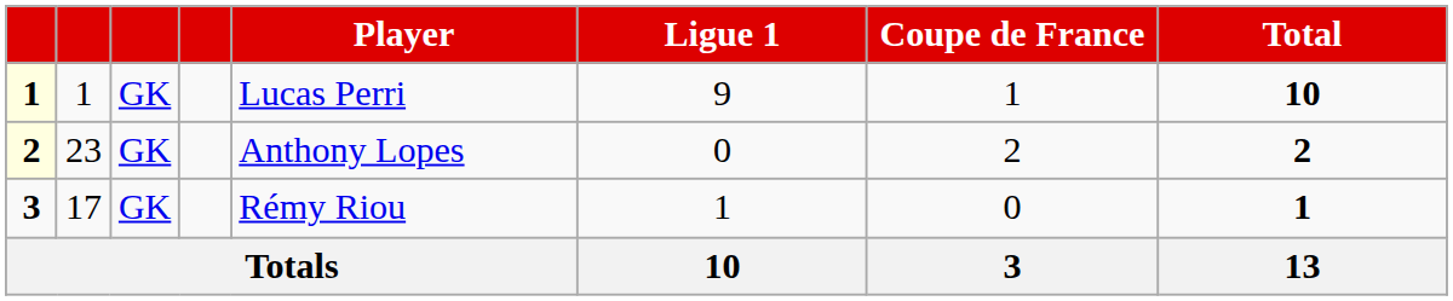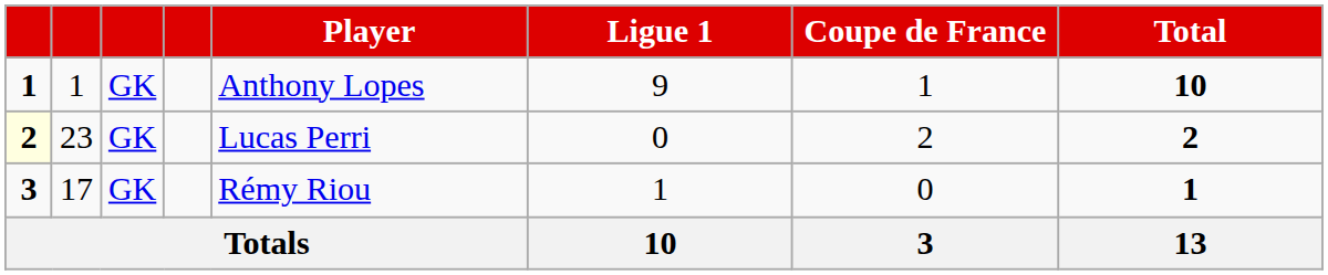 <table class="wikitable"; style="text-align:center">
 <tr>
 <th style="background:#DD0000; color:white; width:15px"></th>
 <th style="background:#DD0000; color:white; width:15px"></th>
 <th style="background:#DD0000; color:white; width:15px"></th>
 <th style="background:#DD0000; color:white; width:15px"></th>
 <th style="background:#DD0000; color:white; width:145px">Player</th>
 <th style="background:#DD0000; color:white; width:120px">Ligue 1</th>
 <th style="background:#DD0000; color:white; width:120px">Coupe de France</th>
 <th style="background:#DD0000; color:white; width:120px">Total</th>
 </tr>
 <tr>
-<td style="background: lightyellow;"><strong>1</strong></td>
+<td><strong>1</strong></td>
 <td>1</td>
 <td><a href='#'>GK</a></td>
 <td></td>
-<td align=left><a href='#'>Lucas Perri</a></td>
+<td align=left><a href='#'>Anthony Lopes</a></td>
 <td>9</td>
 <td>1</td>
 <td><strong>10</strong></td>
 </tr>
 <tr>
 <td style="background: lightyellow;"><strong>2</strong></td>
 <td>23</td>
 <td><a href='#'>GK</a></td>
 <td></td>
-<td align=left><a href='#'>Anthony Lopes</a></td>
+<td align=left><a href='#'>Lucas Perri</a></td>
 <td>0</td>
 <td>2</td>
 <td><strong>2</strong></td>
 </tr>
 <tr>
 <td><strong>3</strong></td>
 <td>17</td>
 <td><a href='#'>GK</a></td>
 <td></td>
 <td align=left><a href='#'>Rémy Riou</a></td>
 <td>1</td>
 <td>0</td>
 <td><strong>1</strong></td>
 </tr>
 <tr>
 <th colspan=5><strong>Totals</strong></th>
 <th><strong>10</strong></th>
 <th><strong>3</strong></th>
 <th><strong>13</strong></th>
 </tr>
 </table>
